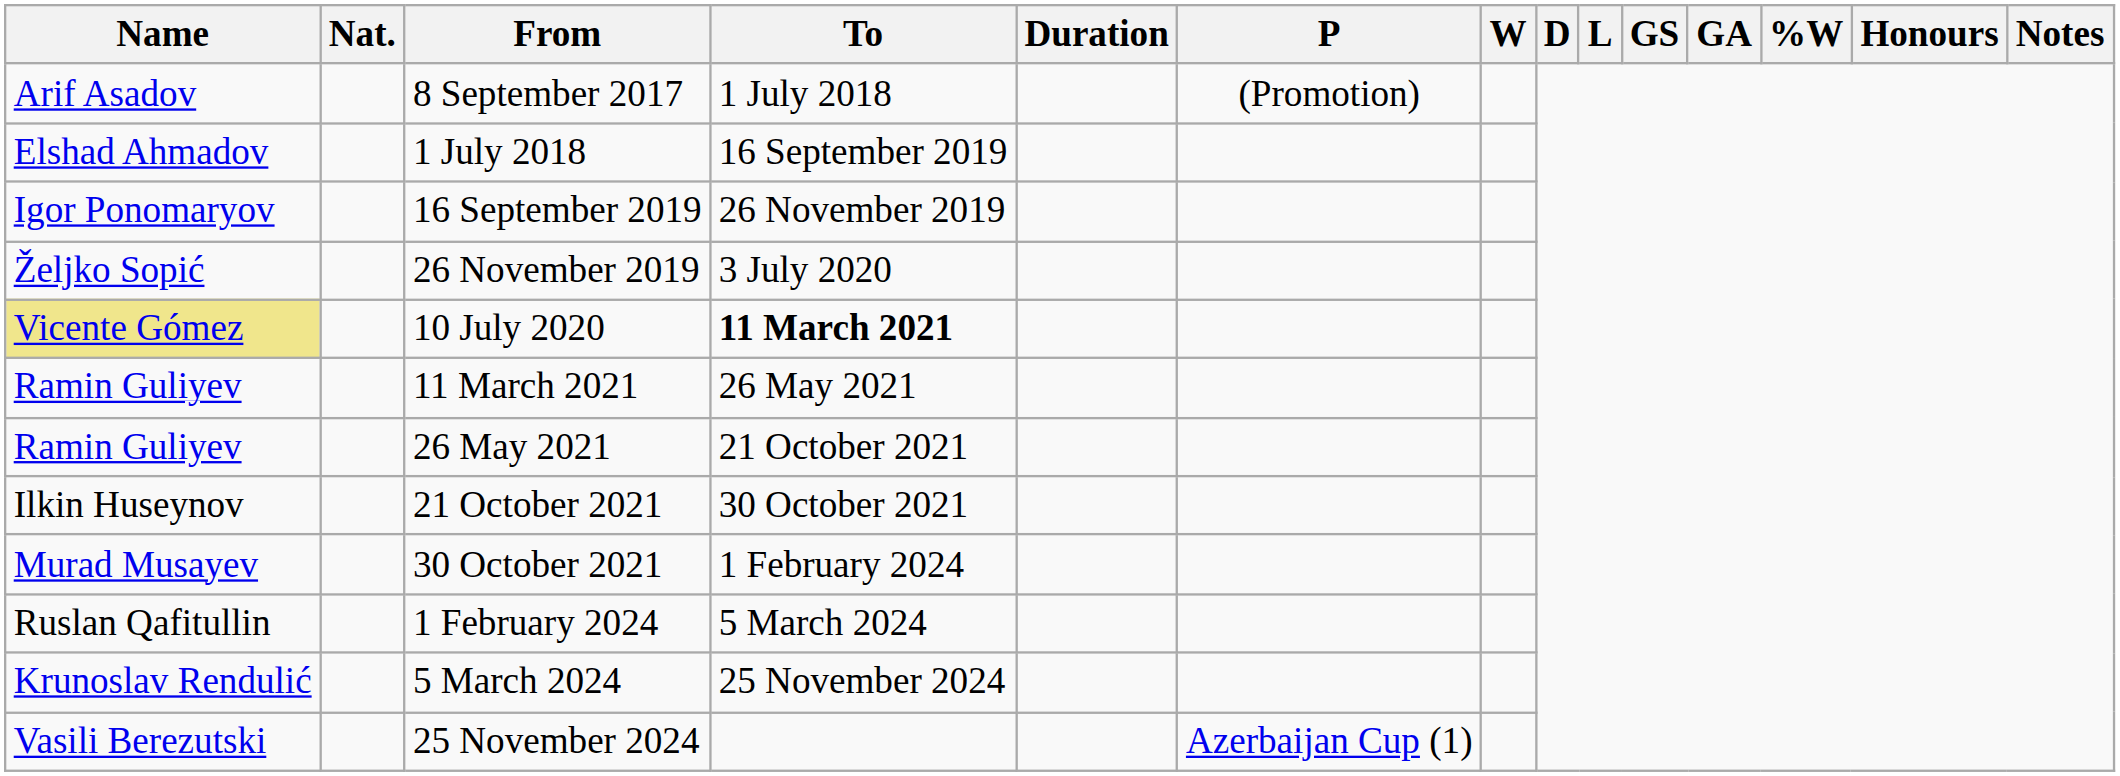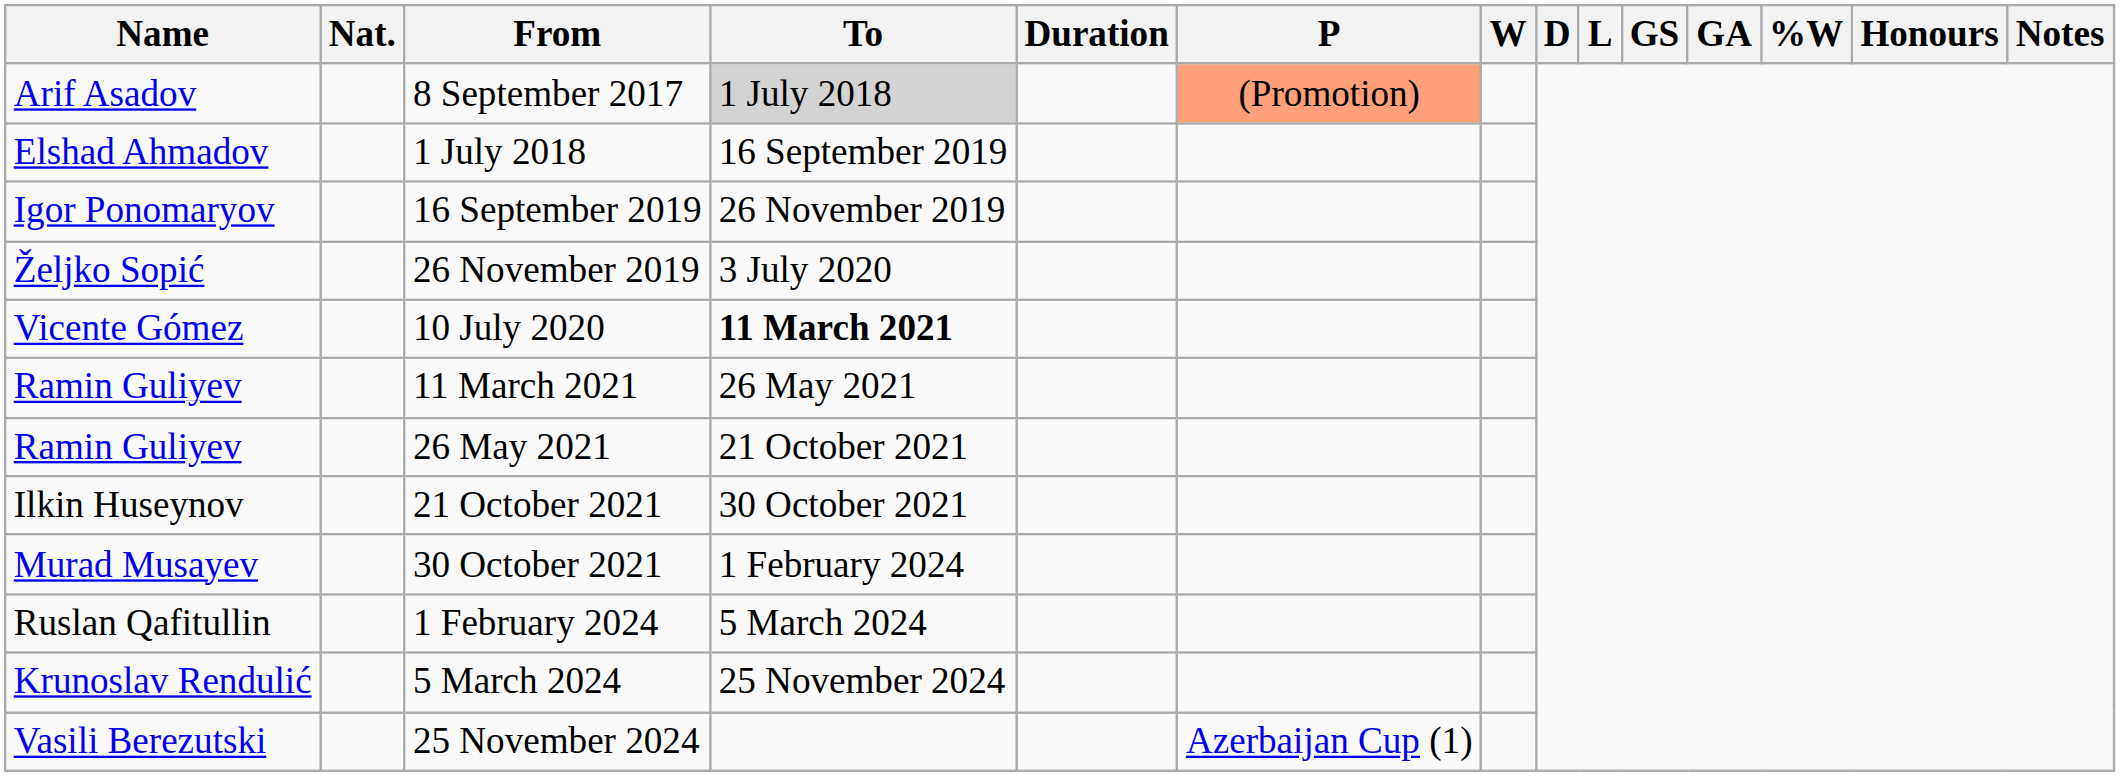 <table class="wikitable sortable" style="text-align: center">
 <tr>
 <th>Name</th>
 <th>Nat.</th>
 <th class="unsortable">From</th>
 <th class="unsortable">To</th>
 <th class="unsortable">Duration</th>
 <th abbr="TOTAL OF MATCHES PLAYED">P</th>
 <th abbr="MATCHES WON">W</th>
 <th abbr="MATCHES DRAWN">D</th>
 <th abbr="MATCHES LOST">L</th>
 <th abbr="GOALS SCORED">GS</th>
 <th abbr="GOAL AGAINST">GA</th>
 <th abbr="PERCENTAGE OF MATCHES WON">%W</th>
 <th abbr="HONOURS">Honours</th>
 <th abbr="NOTES">Notes</th>
 </tr>
 <tr>
 <td align=left><a href='#'>Arif Asadov</a></td>
 <td align=left></td>
 <td align=left>8 September 2017</td>
-<td align=left>1 July 2018</td>
+<td align=left style="background: lightgrey;">1 July 2018</td>
 <td><br></td>
-<td>(Promotion)</td>
+<td style="background: lightsalmon;">(Promotion)</td>
 <td></td>
 </tr>
 <tr>
 <td align=left><a href='#'>Elshad Ahmadov</a></td>
 <td align=left></td>
 <td align=left>1 July 2018</td>
 <td align=left>16 September 2019</td>
 <td><br></td>
 <td></td>
 <td></td>
 </tr>
 <tr>
 <td align=left><a href='#'>Igor Ponomaryov</a> </td>
 <td align=left></td>
 <td align=left>16 September 2019</td>
 <td align=left>26 November 2019</td>
 <td><br></td>
 <td></td>
 <td></td>
 </tr>
 <tr>
 <td align=left><a href='#'>Željko Sopić</a></td>
 <td align=left></td>
 <td align=left>26 November 2019</td>
 <td align=left>3 July 2020</td>
 <td><br></td>
 <td></td>
 <td></td>
 </tr>
 <tr>
-<td align=left style="background: khaki;"><a href='#'>Vicente Gómez</a></td>
+<td align=left><a href='#'>Vicente Gómez</a></td>
 <td align=left></td>
 <td align=left>10 July 2020</td>
 <td align=left><strong>11 March 2021</strong></td>
 <td><br></td>
 <td></td>
 <td></td>
 </tr>
 <tr>
 <td align=left><a href='#'>Ramin Guliyev</a> </td>
 <td align=left></td>
 <td align=left>11 March 2021</td>
 <td align=left>26 May 2021</td>
 <td><br></td>
 <td></td>
 <td></td>
 </tr>
 <tr>
 <td align=left><a href='#'>Ramin Guliyev</a></td>
 <td align=left></td>
 <td align=left>26 May 2021</td>
 <td align=left>21 October 2021</td>
 <td><br></td>
 <td></td>
 <td></td>
 </tr>
 <tr>
 <td align=left>Ilkin Huseynov </td>
 <td align=left></td>
 <td align=left>21 October 2021</td>
 <td align=left>30 October 2021</td>
 <td><br></td>
 <td></td>
 <td></td>
 </tr>
 <tr>
 <td align=left><a href='#'>Murad Musayev</a></td>
 <td align=left></td>
 <td align=left>30 October 2021</td>
 <td align=left>1 February 2024</td>
 <td><br></td>
 <td></td>
 <td></td>
 </tr>
 <tr>
 <td align=left>Ruslan Qafitullin </td>
 <td align=left></td>
 <td align=left>1 February 2024</td>
 <td align=left>5 March 2024</td>
 <td><br></td>
 <td></td>
 <td></td>
 </tr>
 <tr>
 <td align=left><a href='#'>Krunoslav Rendulić</a></td>
 <td align=left></td>
 <td align=left>5 March 2024</td>
 <td align=left>25 November 2024</td>
 <td><br></td>
 <td></td>
 <td></td>
 </tr>
 <tr>
 <td align=left><a href='#'>Vasili Berezutski</a></td>
 <td align=left></td>
 <td align=left>25 November 2024</td>
 <td align=left></td>
 <td><br></td>
 <td><a href='#'>Azerbaijan Cup</a> (1)</td>
 <td></td>
 </tr>
 </table>
